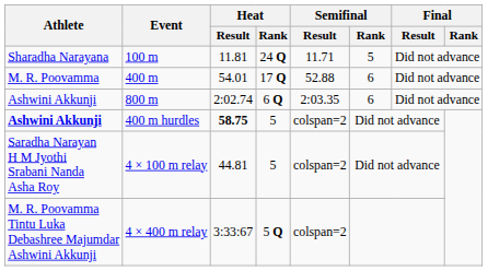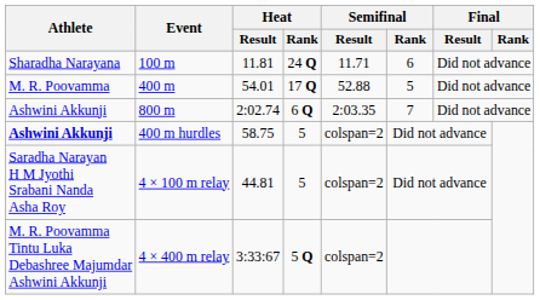 <table class=wikitable style="text-align:center; font-size:90%">
 <tr>
 <th rowspan=2>Athlete</th>
 <th rowspan=2>Event</th>
 <th colspan=2>Heat</th>
 <th colspan=2>Semifinal</th>
 <th colspan=2>Final</th>
 </tr>
 <tr style=font-size:95%>
 <th>Result</th>
 <th>Rank</th>
 <th>Result</th>
 <th>Rank</th>
 <th>Result</th>
 <th>Rank</th>
 </tr>
 <tr>
 <td align=left><a href='#'>Sharadha Narayana</a></td>
 <td align=left><a href='#'>100 m</a></td>
 <td>11.81</td>
 <td>24 <strong>Q</strong></td>
 <td>11.71</td>
-<td>5</td>
+<td>6</td>
 <td colspan=2>Did not advance</td>
 </tr>
 <tr>
 <td align=left><a href='#'>M. R. Poovamma</a></td>
 <td align=left><a href='#'>400 m</a></td>
 <td>54.01</td>
 <td>17 <strong>Q</strong></td>
 <td>52.88</td>
-<td>6</td>
+<td>5</td>
 <td colspan=2>Did not advance</td>
 </tr>
 <tr>
 <td align=left><a href='#'>Ashwini Akkunji</a></td>
 <td align=left><a href='#'>800 m</a></td>
 <td>2:02.74</td>
 <td>6 <strong>Q</strong></td>
 <td>2:03.35</td>
-<td>6</td>
+<td>7</td>
 <td colspan=2>Did not advance</td>
 </tr>
 <tr>
 <td align=left><strong><a href='#'>Ashwini Akkunji</a></strong></td>
 <td align=left><a href='#'>400 m hurdles</a></td>
-<td><strong>58.75</strong></td>
+<td>58.75</td>
 <td>5</td>
 <td>colspan=2 </td>
 <td colspan=2>Did not advance</td>
 </tr>
 <tr>
 <td align=left><a href='#'>Saradha Narayan</a><br><a href='#'>H M Jyothi</a><br><a href='#'>Srabani Nanda</a><br><a href='#'>Asha Roy</a></td>
 <td align=left><a href='#'>4 × 100 m relay</a></td>
 <td>44.81</td>
 <td>5</td>
 <td>colspan=2 </td>
 <td colspan=2>Did not advance</td>
 </tr>
 <tr>
 <td align=left><a href='#'>M. R. Poovamma</a><br><a href='#'>Tintu Luka</a><br><a href='#'>Debashree Majumdar</a><br><a href='#'>Ashwini Akkunji</a></td>
 <td align=left><a href='#'>4 × 400 m relay</a></td>
 <td>3:33:67</td>
 <td>5 <strong>Q</strong></td>
 <td>colspan=2 </td>
 <td colspan=2></td>
 </tr>
 </table>
